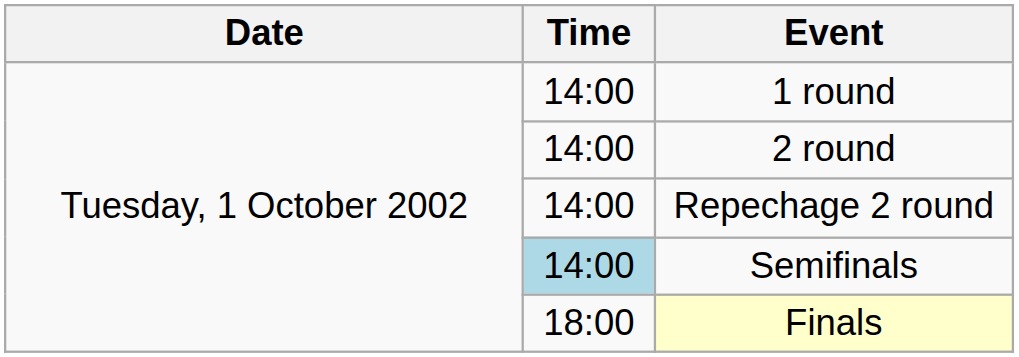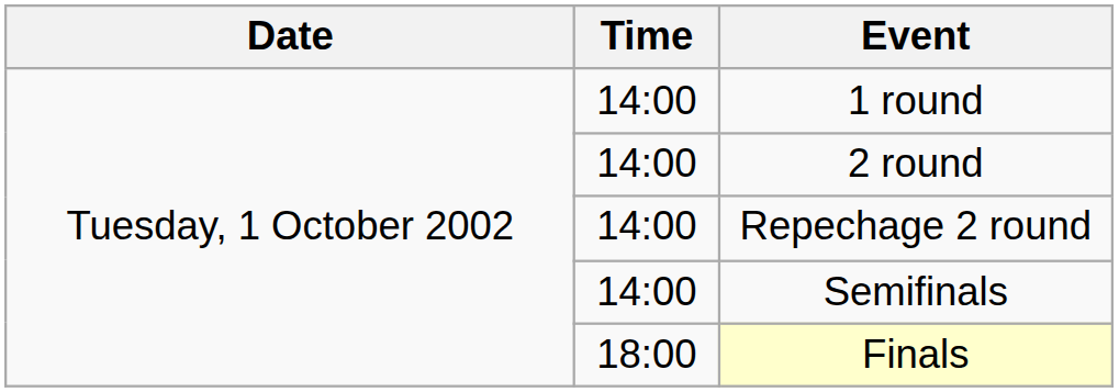 <table class = "wikitable" style="text-align:center;">
 <tr>
 <th width=220>Date</th>
 <th width=50>Time</th>
 <th width=150>Event</th>
 </tr>
 <tr>
 <td rowspan=5>Tuesday, 1 October 2002</td>
 <td>14:00</td>
 <td>1 round</td>
 </tr>
 <tr>
 <td>14:00</td>
 <td>2 round</td>
 </tr>
 <tr>
 <td>14:00</td>
 <td>Repechage 2 round</td>
 </tr>
 <tr>
-<td style="background: lightblue;">14:00</td>
+<td>14:00</td>
 <td>Semifinals</td>
 </tr>
 <tr>
 <td>18:00</td>
 <td bgcolor=ffffcc>Finals</td>
 </tr>
 </table>
